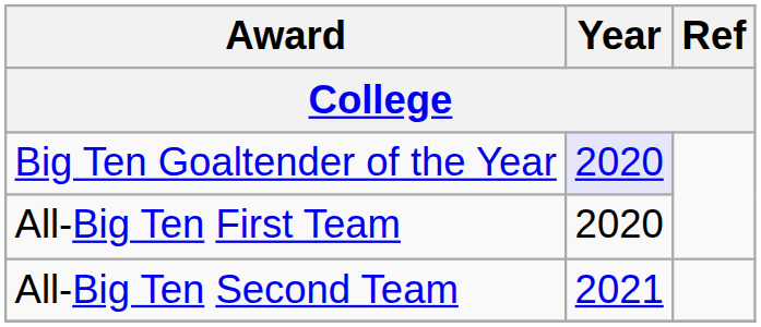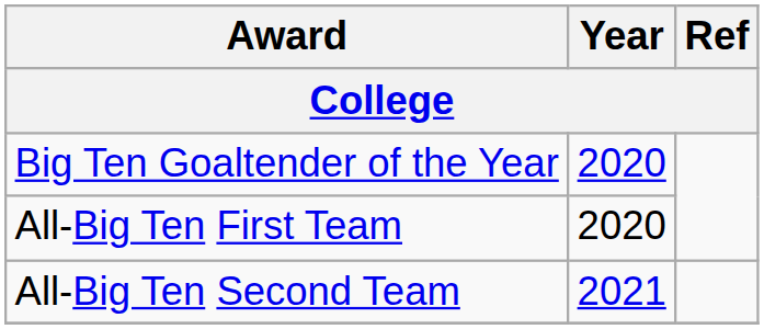 <table class="wikitable">
 <tr>
 <th>Award</th>
 <th>Year</th>
 <th>Ref</th>
 </tr>
 <tr ALIGN="center" bgcolor="#e0e0e0">
 <th colspan="3"><a href='#'>College</a></th>
 </tr>
 <tr>
 <td><a href='#'>Big Ten Goaltender of the Year</a></td>
-<td style="background: lavender;"><a href='#'>2020</a></td>
+<td><a href='#'>2020</a></td>
 <td rowspan="2"></td>
 </tr>
 <tr>
 <td>All-<a href='#'>Big Ten</a> <a href='#'>First Team</a></td>
 <td>2020</td>
 </tr>
 <tr>
 <td>All-<a href='#'>Big Ten</a> <a href='#'>Second Team</a></td>
 <td><a href='#'>2021</a></td>
 <td></td>
 </tr>
 <tr>
 </tr>
 </table>
